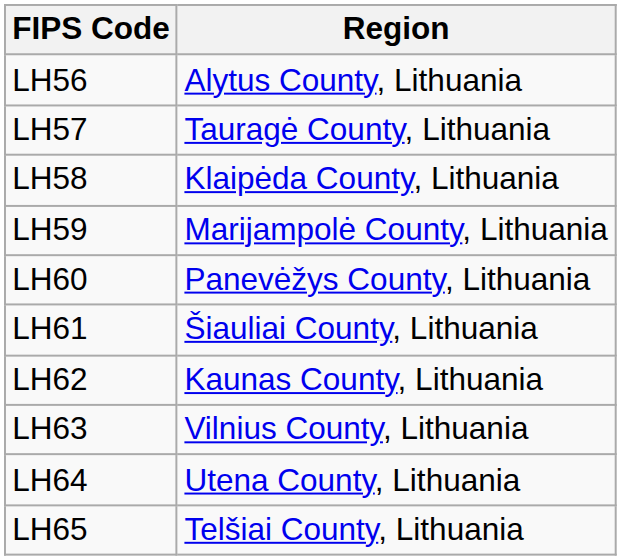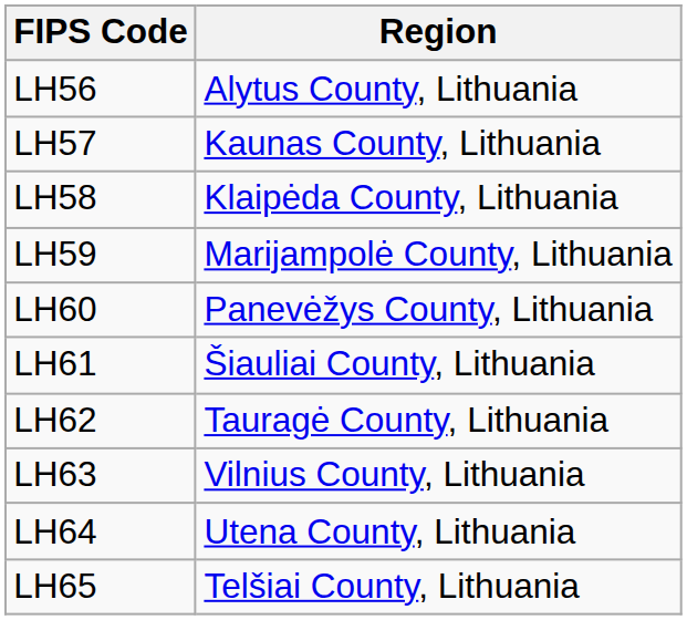 <table class="wikitable">
 <tr>
 <th>FIPS Code</th>
 <th>Region</th>
 </tr>
 <tr>
 <td>LH56</td>
 <td><a href='#'>Alytus County</a>, Lithuania</td>
 </tr>
 <tr>
 <td>LH57</td>
-<td><a href='#'>Tauragė County</a>, Lithuania</td>
+<td><a href='#'>Kaunas County</a>, Lithuania</td>
 </tr>
 <tr>
 <td>LH58</td>
 <td><a href='#'>Klaipėda County</a>, Lithuania</td>
 </tr>
 <tr>
 <td>LH59</td>
 <td><a href='#'>Marijampolė County</a>, Lithuania</td>
 </tr>
 <tr>
 <td>LH60</td>
 <td><a href='#'>Panevėžys County</a>, Lithuania</td>
 </tr>
 <tr>
 <td>LH61</td>
 <td><a href='#'>Šiauliai County</a>, Lithuania</td>
 </tr>
 <tr>
 <td>LH62</td>
-<td><a href='#'>Kaunas County</a>, Lithuania</td>
+<td><a href='#'>Tauragė County</a>, Lithuania</td>
 </tr>
 <tr>
 <td>LH63</td>
 <td><a href='#'>Vilnius County</a>, Lithuania</td>
 </tr>
 <tr>
 <td>LH64</td>
 <td><a href='#'>Utena County</a>, Lithuania</td>
 </tr>
 <tr>
 <td>LH65</td>
 <td><a href='#'>Telšiai County</a>, Lithuania</td>
 </tr>
 </table>
